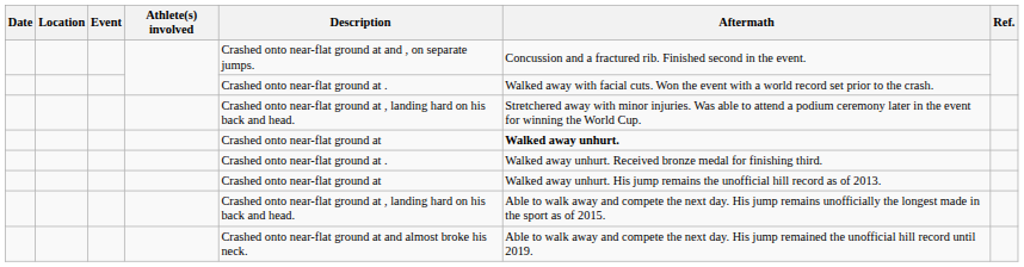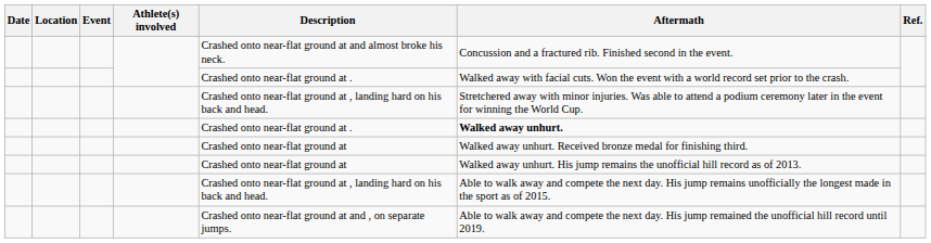 <table class="wikitable" style="text-align:left; font-size:95%">
 <tr>
 <th>Date</th>
 <th>Location</th>
 <th>Event</th>
 <th>Athlete(s) involved</th>
 <th>Description</th>
 <th>Aftermath</th>
 <th>Ref.</th>
 </tr>
 <tr>
 <td></td>
 <td></td>
 <td></td>
 <td rowspan=2></td>
-<td>Crashed onto near-flat ground at  and , on separate jumps.</td>
+<td>Crashed onto near-flat ground at  and almost broke his neck.</td>
 <td>Concussion and a fractured rib. Finished second in the event.</td>
 <td style="text-align:center;" rowspan=2></td>
 </tr>
 <tr>
 <td></td>
 <td></td>
 <td></td>
 <td>Crashed onto near-flat ground at .</td>
 <td>Walked away with facial cuts. Won the event with a world record set prior to the crash.</td>
 </tr>
 <tr>
 <td></td>
 <td></td>
 <td></td>
 <td></td>
 <td>Crashed onto near-flat ground at , landing hard on his back and head.</td>
 <td>Stretchered away with minor injuries. Was able to attend a podium ceremony later in the event for winning the World Cup.</td>
 <td style="text-align:center;"></td>
 </tr>
 <tr>
 <td></td>
 <td></td>
 <td></td>
 <td></td>
-<td>Crashed onto near-flat ground at </td>
+<td>Crashed onto near-flat ground at .</td>
 <td><strong>Walked away unhurt.</strong></td>
 <td style="text-align:center;"></td>
 </tr>
 <tr>
 <td></td>
 <td></td>
 <td></td>
 <td></td>
-<td>Crashed onto near-flat ground at .</td>
+<td>Crashed onto near-flat ground at </td>
 <td>Walked away unhurt. Received bronze medal for finishing third.</td>
 <td style="text-align:center;"></td>
 </tr>
 <tr>
 <td></td>
 <td></td>
 <td></td>
 <td></td>
 <td>Crashed onto near-flat ground at </td>
 <td>Walked away unhurt. His jump remains the unofficial hill record as of 2013.</td>
 <td style="text-align:center;"></td>
 </tr>
 <tr>
 <td></td>
 <td></td>
 <td></td>
 <td></td>
 <td>Crashed onto near-flat ground at , landing hard on his back and head.</td>
 <td>Able to walk away and compete the next day. His jump remains unofficially the longest made in the sport as of 2015.</td>
 <td style="text-align:center;"></td>
 </tr>
 <tr>
 <td></td>
 <td></td>
 <td></td>
 <td></td>
-<td>Crashed onto near-flat ground at  and almost broke his neck.</td>
+<td>Crashed onto near-flat ground at  and , on separate jumps.</td>
 <td>Able to walk away and compete the next day. His jump remained the unofficial hill record until 2019.</td>
 <td style="text-align:center;"></td>
 </tr>
 </table>
